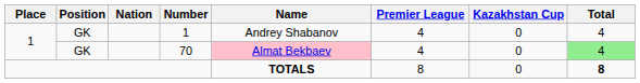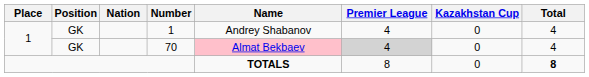 <table class="wikitable" style="font-size: 95%; text-align: center;">
 <tr>
 <th width=60>Place</th>
 <th width=60>Position</th>
 <th width=60>Nation</th>
 <th width=60>Number</th>
 <th width=200>Name</th>
 <th width=120><a href='#'>Premier League</a></th>
 <th width=120><a href='#'>Kazakhstan Cup</a></th>
 <th width=80>Total</th>
 </tr>
 <tr>
 <td rowspan="2">1</td>
 <td>GK</td>
 <td></td>
 <td>1</td>
 <td>Andrey Shabanov</td>
 <td>4</td>
 <td>0</td>
 <td>4</td>
 </tr>
 <tr>
 <td>GK</td>
 <td></td>
 <td>70</td>
 <td style="background: pink;"><a href='#'>Almat Bekbaev</a></td>
+<td style="background: lightgrey;">4</td>
+<td>0</td>
 <td>4</td>
-<td>0</td>
-<td style="background: lightgreen;">4</td>
 </tr>
 <tr>
 <td colspan="4"></td>
 <td><strong>TOTALS</strong></td>
 <td>8</td>
 <td>0</td>
 <td><strong>8</strong></td>
 </tr>
 </table>
